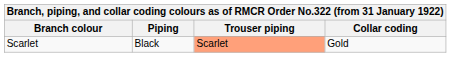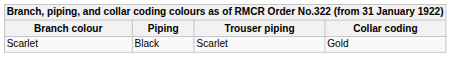 <table class="wikitable">
 <tr>
 <th colspan="4">Branch, piping, and collar coding colours as of RMCR Order No.322 (from 31 January 1922)</th>
 </tr>
 <tr>
 <th>Branch colour</th>
 <th>Piping</th>
 <th>Trouser piping</th>
 <th>Collar coding</th>
 </tr>
 <tr>
 <td>Scarlet</td>
 <td>Black</td>
-<td style="background: lightsalmon;">Scarlet</td>
+<td>Scarlet</td>
 <td>Gold</td>
 </tr>
 </table>
